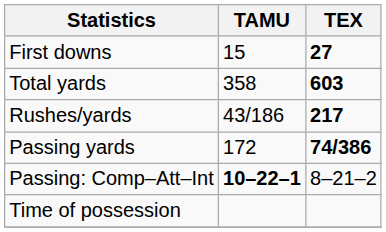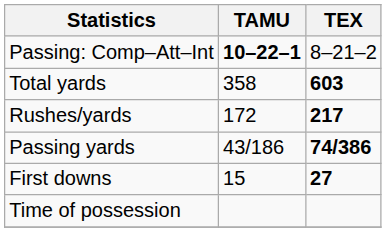 <table class="wikitable" style="float: left;">
 <tr>
 <th>Statistics</th>
 <th>TAMU</th>
 <th>TEX</th>
 </tr>
 <tr>
-<td>First downs</td>
-<td>15</td>
-<td><strong>27</strong></td>
+<td>Passing: Comp–Att–Int</td>
+<td><strong>10–22–1</strong></td>
+<td>8–21–2</td>
 </tr>
 <tr>
 <td>Total yards</td>
 <td>358</td>
 <td><strong>603</strong></td>
 </tr>
 <tr>
 <td>Rushes/yards</td>
-<td>43/186</td>
+<td>172</td>
 <td><strong>217</strong></td>
 </tr>
 <tr>
 <td>Passing yards</td>
-<td>172</td>
+<td>43/186</td>
 <td><strong>74/386</strong></td>
 </tr>
 <tr>
-<td>Passing: Comp–Att–Int</td>
-<td><strong>10–22–1</strong></td>
-<td>8–21–2</td>
+<td>First downs</td>
+<td>15</td>
+<td><strong>27</strong></td>
 </tr>
 <tr>
 <td>Time of possession</td>
 <td></td>
 <td></td>
 </tr>
 <tr>
 </tr>
 </table>
